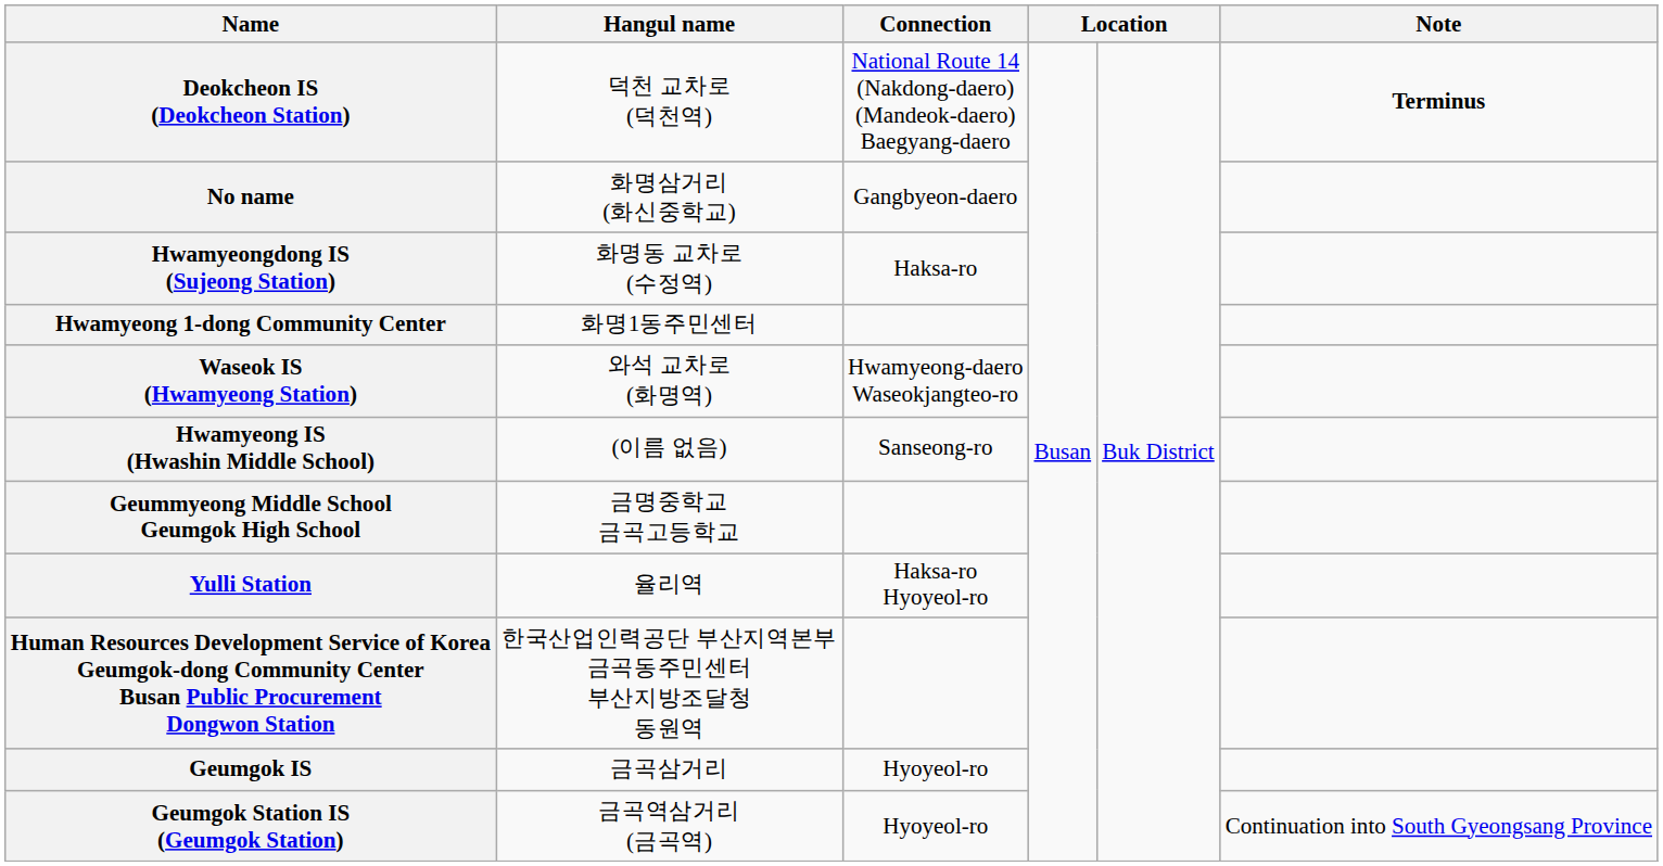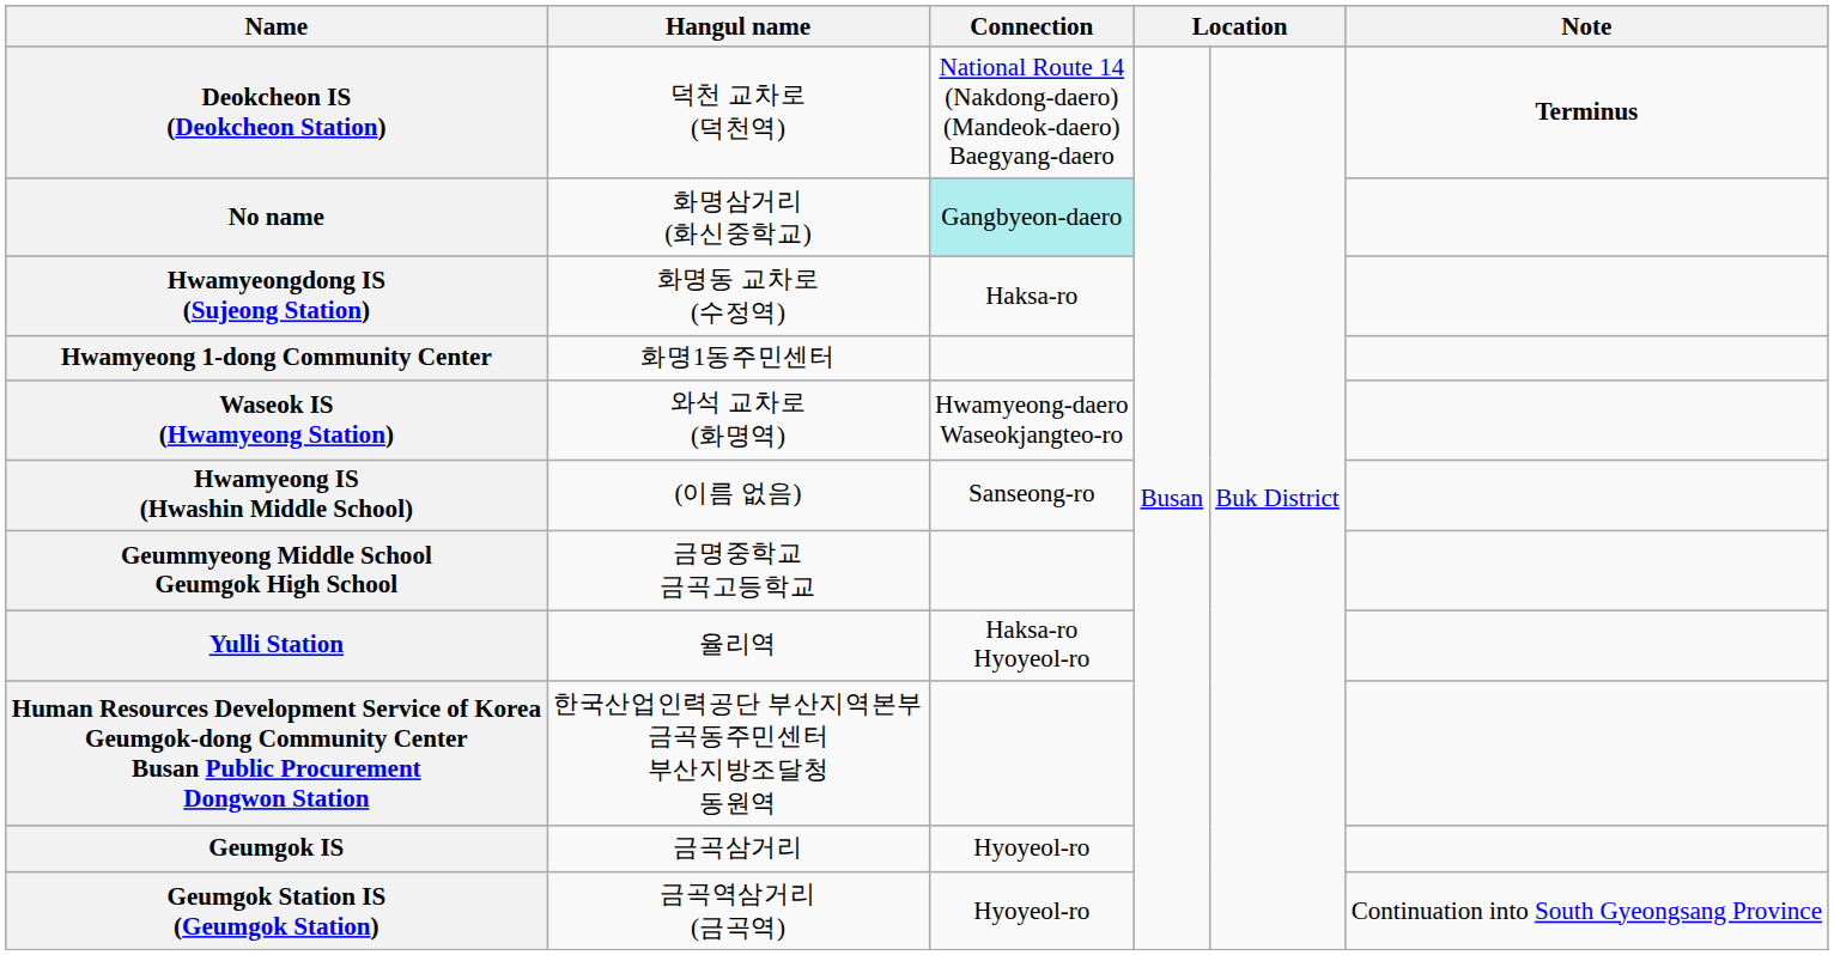 <table class="wikitable" style="font-size: 85%; text-align: center;">
 <tr>
 <th>Name </th>
 <th>Hangul name</th>
 <th>Connection</th>
 <th colspan="2">Location</th>
 <th>Note</th>
 </tr>
 <tr>
 <th>Deokcheon IS<br>(<a href='#'>Deokcheon Station</a>)</th>
 <td>덕천 교차로<br>(덕천역)</td>
 <td><a href='#'>National Route 14</a><br>(Nakdong-daero)<br>(Mandeok-daero)<br>Baegyang-daero</td>
 <td rowspan=11><a href='#'>Busan</a></td>
 <td rowspan=11><a href='#'>Buk District</a></td>
 <td><strong>Terminus</strong></td>
 </tr>
 <tr>
 <th>No name</th>
 <td>화명삼거리<br>(화신중학교)</td>
-<td>Gangbyeon-daero</td>
+<td style="background: paleturquoise;">Gangbyeon-daero</td>
 <td></td>
 </tr>
 <tr>
 <th>Hwamyeongdong IS<br>(<a href='#'>Sujeong Station</a>)</th>
 <td>화명동 교차로<br>(수정역)</td>
 <td>Haksa-ro</td>
 <td></td>
 </tr>
 <tr>
 <th>Hwamyeong 1-dong Community Center</th>
 <td>화명1동주민센터</td>
 <td></td>
 <td></td>
 </tr>
 <tr>
 <th>Waseok IS<br>(<a href='#'>Hwamyeong Station</a>)</th>
 <td>와석 교차로<br>(화명역)</td>
 <td>Hwamyeong-daero<br>Waseokjangteo-ro</td>
 <td></td>
 </tr>
 <tr>
 <th>Hwamyeong IS<br>(Hwashin Middle School)</th>
 <td>(이름 없음)</td>
 <td>Sanseong-ro</td>
 <td></td>
 </tr>
 <tr>
 <th>Geummyeong Middle School<br>Geumgok High School</th>
 <td>금명중학교<br>금곡고등학교</td>
 <td></td>
 <td></td>
 </tr>
 <tr>
 <th><a href='#'>Yulli Station</a></th>
 <td>율리역</td>
 <td>Haksa-ro<br>Hyoyeol-ro</td>
 <td></td>
 </tr>
 <tr>
 <th>Human Resources Development Service of Korea<br>Geumgok-dong Community Center<br>Busan <a href='#'>Public Procurement</a><br><a href='#'>Dongwon Station</a></th>
 <td>한국산업인력공단 부산지역본부<br>금곡동주민센터<br>부산지방조달청<br>동원역</td>
 <td></td>
 <td></td>
 </tr>
 <tr>
 <th>Geumgok IS</th>
 <td>금곡삼거리</td>
 <td>Hyoyeol-ro</td>
 <td></td>
 </tr>
 <tr>
 <th>Geumgok Station IS<br>(<a href='#'>Geumgok Station</a>)</th>
 <td>금곡역삼거리<br>(금곡역)</td>
 <td>Hyoyeol-ro</td>
 <td>Continuation into <a href='#'>South Gyeongsang Province</a></td>
 </tr>
 <tr>
 </tr>
 </table>
